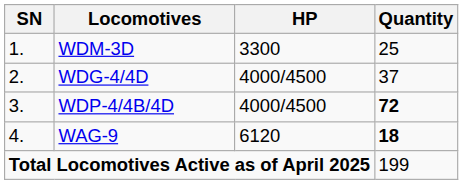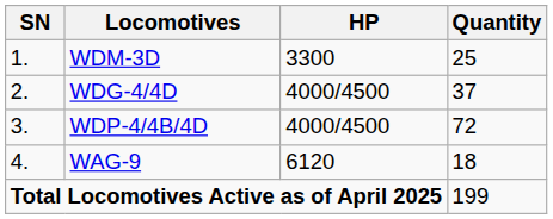 <table class="wikitable">
 <tr>
 <th>SN</th>
 <th>Locomotives</th>
 <th>HP</th>
 <th>Quantity</th>
 </tr>
 <tr>
 <td>1.</td>
 <td><a href='#'>WDM-3D</a></td>
 <td>3300</td>
 <td>25</td>
 </tr>
 <tr>
 <td>2.</td>
 <td><a href='#'>WDG-4/4D</a></td>
 <td>4000/4500</td>
 <td>37</td>
 </tr>
 <tr>
 <td>3.</td>
 <td><a href='#'>WDP-4/4B/4D</a></td>
 <td>4000/4500</td>
-<td><strong>72</strong></td>
+<td>72</td>
 </tr>
 <tr>
 <td>4.</td>
 <td><a href='#'>WAG-9</a></td>
 <td>6120</td>
-<td><strong>18</strong></td>
+<td>18</td>
 </tr>
 <tr>
 <td colspan="3"><strong>Total Locomotives Active as of April 2025</strong></td>
 <td>199</td>
 </tr>
 </table>
